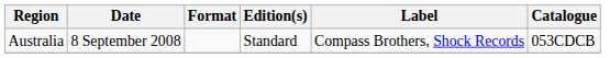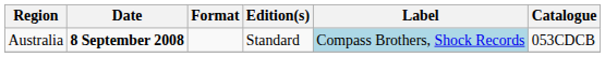 <table class="wikitable plainrowheaders">
 <tr>
 <th scope="col">Region</th>
 <th scope="col">Date</th>
 <th scope="col">Format</th>
 <th scope="col">Edition(s)</th>
 <th scope="col">Label</th>
 <th scope="col">Catalogue</th>
 </tr>
 <tr>
 <td>Australia</td>
-<td>8 September 2008</td>
+<td><strong>8 September 2008</strong></td>
 <td></td>
 <td>Standard</td>
-<td>Compass Brothers, <a href='#'>Shock Records</a></td>
+<td style="background: lightblue;">Compass Brothers, <a href='#'>Shock Records</a></td>
 <td>053CDCB</td>
 </tr>
 <tr>
 </tr>
 </table>
